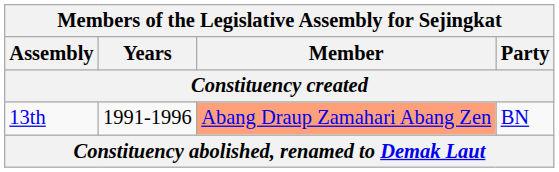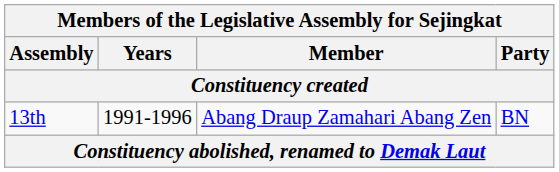 <table class=wikitable>
 <tr>
 <th colspan=5>Members of the Legislative Assembly for Sejingkat</th>
 </tr>
 <tr>
 <th>Assembly</th>
 <th>Years</th>
 <th>Member</th>
 <th>Party</th>
 </tr>
 <tr>
 <th colspan=4 align=center><em>Constituency created</em></th>
 </tr>
 <tr>
 <td><a href='#'>13th</a></td>
 <td>1991-1996</td>
-<td style="background: lightsalmon;"><a href='#'>Abang Draup Zamahari Abang Zen</a></td>
+<td><a href='#'>Abang Draup Zamahari Abang Zen</a></td>
 <td><a href='#'>BN</a></td>
 </tr>
 <tr>
 <th colspan=4 align=center><em>Constituency abolished, renamed to <a href='#'>Demak Laut</a></em></th>
 </tr>
 </table>
